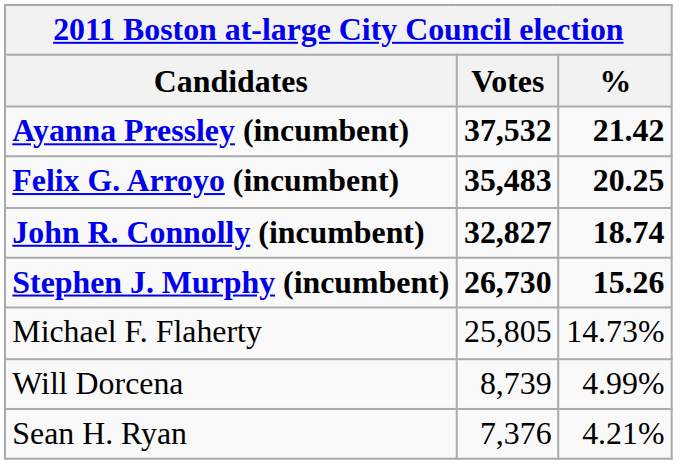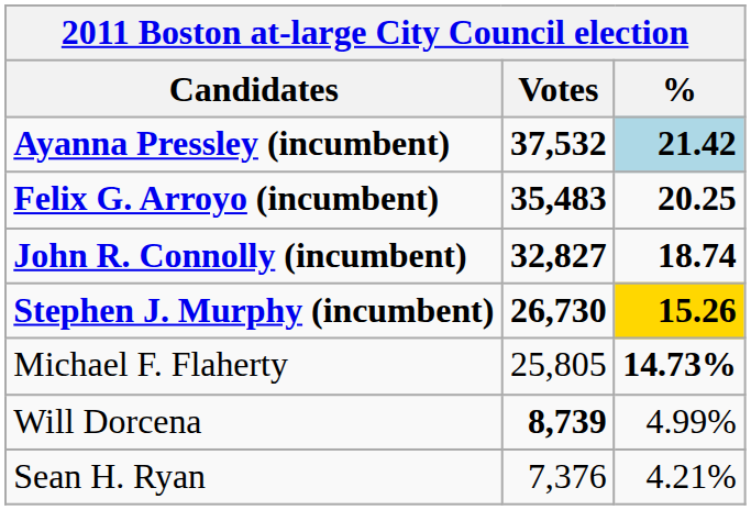 <table class=wikitable>
 <tr>
 <th colspan=3><strong><a href='#'>2011 Boston at-large City Council election</a></strong></th>
 </tr>
 <tr>
 <th><strong>Candidates</strong></th>
 <th>Votes</th>
 <th>%</th>
 </tr>
 <tr>
 <td><strong><a href='#'>Ayanna Pressley</a> (incumbent)</strong></td>
 <td align="right"><strong>37,532</strong></td>
-<td align="right"><strong>21.42</strong></td>
+<td align="right" style="background: lightblue;"><strong>21.42</strong></td>
 </tr>
 <tr>
 <td><strong><a href='#'>Felix G. Arroyo</a> (incumbent)</strong></td>
 <td align="right"><strong>35,483</strong></td>
 <td align="right"><strong>20.25</strong></td>
 </tr>
 <tr>
 <td><strong><a href='#'>John R. Connolly</a> (incumbent)</strong></td>
 <td align="right"><strong>32,827</strong></td>
 <td align="right"><strong>18.74</strong></td>
 </tr>
 <tr>
 <td><strong><a href='#'>Stephen J. Murphy</a> (incumbent)</strong></td>
 <td align="right"><strong>26,730</strong></td>
-<td align="right"><strong>15.26</strong></td>
+<td align="right" style="background: gold;"><strong>15.26</strong></td>
 </tr>
 <tr>
 <td>Michael F. Flaherty</td>
 <td align="right">25,805</td>
-<td align="right">14.73%</td>
+<td align="right"><strong>14.73%</strong></td>
 </tr>
 <tr>
 <td>Will Dorcena</td>
-<td align="right">8,739</td>
+<td align="right"><strong>8,739</strong></td>
 <td align="right">4.99%</td>
 </tr>
 <tr>
 <td>Sean H. Ryan</td>
 <td align="right">7,376</td>
 <td align="right">4.21%</td>
 </tr>
 </table>
